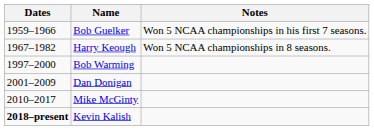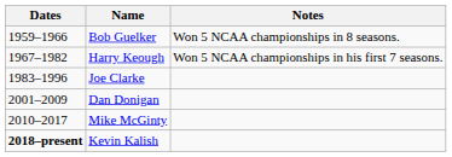 <table class="wikitable">
 <tr>
 <th width=px>Dates</th>
 <th width=px>Name</th>
 <th width=px>Notes</th>
 </tr>
 <tr>
 <td>1959–1966</td>
 <td> <a href='#'>Bob Guelker</a></td>
-<td>Won 5 NCAA championships in his first 7 seasons.</td>
+<td>Won 5 NCAA championships in 8 seasons.</td>
 </tr>
 <tr>
 <td>1967–1982</td>
 <td> <a href='#'>Harry Keough</a></td>
-<td>Won 5 NCAA championships in 8 seasons.</td>
+<td>Won 5 NCAA championships in his first 7 seasons.</td>
 </tr>
 <tr>
-<td>1997–2000</td>
-<td> <a href='#'>Bob Warming</a></td>
+<td>1983–1996</td>
+<td> <a href='#'>Joe Clarke</a></td>
 <td></td>
 </tr>
 <tr>
 <td>2001–2009</td>
 <td> <a href='#'>Dan Donigan</a></td>
 <td></td>
 </tr>
 <tr>
 <td>2010–2017</td>
 <td> <a href='#'>Mike McGinty</a></td>
 <td></td>
 </tr>
 <tr>
 <td><strong>2018–present</strong></td>
 <td> <a href='#'>Kevin Kalish</a></td>
 <td></td>
 </tr>
 </table>
